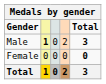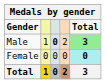 <table class="wikitable" style="text-align:center;font-size:90%">
 <tr style="background:#efefef;">
 <th colspan=7><strong>Medals by gender</strong></th>
 </tr>
 <tr>
 <td><strong>Gender</strong></td>
 <td bgcolor=#f7f6a8></td>
 <td bgcolor=#dce5e5></td>
 <td bgcolor=#ffdab9></td>
 <td><strong>Total</strong></td>
 </tr>
 <tr>
 <td style="text-align:left;">Male</td>
-<td style="background:#F7F6A8;"><strong>1</strong></td>
-<td style="background:#DCE5E5;">0</td>
+<td style="background:#F7F6A8;">1</td>
+<td style="background:#DCE5E5;"><strong>0</strong></td>
 <td style="background:#FFDAB9;">2</td>
-<td><strong>3</strong></td>
+<td style="background: lightgreen;"><strong>3</strong></td>
 </tr>
 <tr>
 <td style="text-align:left;">Female</td>
 <td style="background:#F7F6A8;">0</td>
 <td style="background:#DCE5E5;">0</td>
 <td style="background:#FFDAB9;">0</td>
-<td><strong>0</strong></td>
+<td style="background: paleturquoise;"><strong>0</strong></td>
 </tr>
 <tr>
 <th style="text-align:left;"><strong>Total</strong></th>
 <th style="background:gold;"><strong>1</strong></th>
 <th style="background:silver;"><strong>0</strong></th>
 <th style="background:#c96;"><strong>2</strong></th>
 <th><strong>3</strong></th>
 </tr>
 </table>
